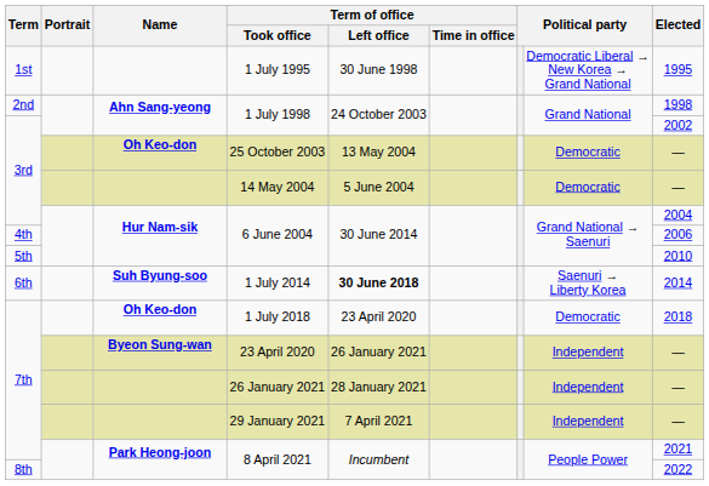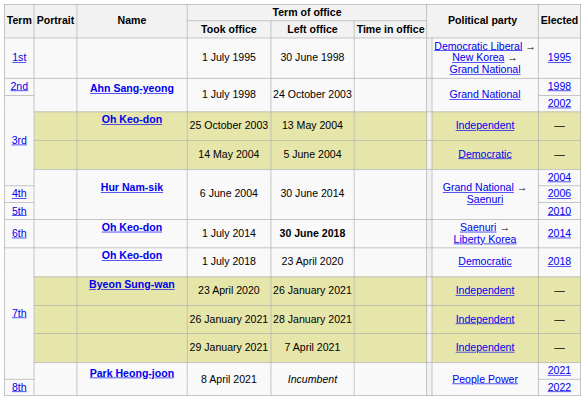 <table class="wikitable" style="text-align:center">
 <tr>
 <th rowspan="2">Term</th>
 <th rowspan="2">Portrait</th>
 <th rowspan="2" width="160">Name<br></th>
 <th colspan="3">Term of office</th>
 <th colspan="2" rowspan="2">Political party</th>
 <th rowspan="2">Elected</th>
 </tr>
 <tr>
 <th>Took office</th>
 <th>Left office</th>
 <th>Time in office</th>
 </tr>
 <tr>
 <td><a href='#'>1st</a></td>
 <td></td>
 <td><strong></strong><br><br></td>
 <td>1 July 1995</td>
 <td>30 June 1998</td>
 <td></td>
 <th style="background:"></th>
 <td><a href='#'>Democratic Liberal</a> →<br><a href='#'>New Korea</a> →<br><a href='#'>Grand National</a></td>
 <td><a href='#'>1995</a></td>
 </tr>
 <tr>
 <td><a href='#'>2nd</a></td>
 <td rowspan="2"></td>
 <td rowspan="2"><strong><a href='#'>Ahn Sang-yeong</a></strong><br><br></td>
 <td rowspan="2">1 July 1998</td>
 <td rowspan="2">24 October 2003</td>
 <td rowspan="2"></td>
 <th rowspan="2" style="background:"></th>
 <td rowspan="2"><a href='#'>Grand National</a></td>
 <td><a href='#'>1998</a></td>
 </tr>
 <tr>
 <td rowspan="4"><a href='#'>3rd</a></td>
 <td><a href='#'>2002</a></td>
 </tr>
 <tr style="background:#E6E6AA;">
 <td></td>
 <td><strong><a href='#'>Oh Keo-don</a></strong><br><br></td>
 <td>25 October 2003</td>
 <td>13 May 2004</td>
 <td></td>
 <th style="background:"></th>
-<td><a href='#'>Democratic</a></td>
+<td><a href='#'>Independent</a></td>
 <td>—</td>
 </tr>
 <tr style="background:#E6E6AA;">
 <td></td>
 <td><strong></strong><br><br></td>
 <td>14 May 2004</td>
 <td>5 June 2004</td>
 <td></td>
 <th style="background:"></th>
 <td><a href='#'>Democratic</a></td>
 <td>—</td>
 </tr>
 <tr>
 <td rowspan="3"></td>
 <td rowspan="3"><strong><a href='#'>Hur Nam-sik</a></strong><br><br></td>
 <td rowspan="3">6 June 2004</td>
 <td rowspan="3">30 June 2014</td>
 <td rowspan="3"></td>
 <th rowspan="3" style="background:"></th>
 <td rowspan="3"><a href='#'>Grand National</a> →<br><a href='#'>Saenuri</a></td>
 <td><a href='#'>2004 </a></td>
 </tr>
 <tr>
 <td><a href='#'>4th</a></td>
 <td><a href='#'>2006</a></td>
 </tr>
 <tr>
 <td><a href='#'>5th</a></td>
 <td><a href='#'>2010</a></td>
 </tr>
 <tr>
 <td><a href='#'>6th</a></td>
 <td></td>
-<td><strong><a href='#'>Suh Byung-soo</a></strong><br><br></td>
+<td><strong><a href='#'>Oh Keo-don</a></strong><br><br></td>
 <td>1 July 2014</td>
 <td><strong>30 June 2018</strong></td>
 <td></td>
 <th style="background:"></th>
 <td><a href='#'>Saenuri</a> →<br><a href='#'>Liberty Korea</a></td>
 <td><a href='#'>2014</a></td>
 </tr>
 <tr>
 <td rowspan="5"><a href='#'>7th</a></td>
 <td></td>
 <td><strong><a href='#'>Oh Keo-don</a></strong><br><br></td>
 <td>1 July 2018</td>
 <td>23 April 2020</td>
 <td></td>
 <th style="background:"></th>
 <td><a href='#'>Democratic</a></td>
 <td><a href='#'>2018</a></td>
 </tr>
 <tr style="background:#E6E6AA;">
 <td></td>
 <td><strong><a href='#'>Byeon Sung-wan</a></strong><br><br></td>
 <td>23 April 2020</td>
 <td>26 January 2021</td>
 <td></td>
 <th style="background:"></th>
 <td><a href='#'>Independent</a></td>
 <td>—</td>
 </tr>
 <tr style="background:#E6E6AA;">
 <td></td>
 <td><strong></strong><br><br></td>
 <td>26 January 2021</td>
 <td>28 January 2021</td>
 <td></td>
 <th style="background:"></th>
 <td><a href='#'>Independent</a></td>
 <td>—</td>
 </tr>
 <tr style="background:#E6E6AA;">
 <td></td>
 <td><strong></strong><br><br></td>
 <td>29 January 2021</td>
 <td>7 April 2021</td>
 <td></td>
 <th style="background:"></th>
 <td><a href='#'>Independent</a></td>
 <td>—</td>
 </tr>
 <tr>
 <td rowspan="2"></td>
 <td rowspan="2"><strong><a href='#'>Park Heong-joon</a></strong><br><br></td>
 <td rowspan="2">8 April 2021</td>
 <td rowspan="2"><em>Incumbent</em></td>
 <td rowspan="2"></td>
 <th rowspan="2" style="background:"></th>
 <td rowspan="2"><a href='#'>People Power</a></td>
 <td><a href='#'>2021 </a></td>
 </tr>
 <tr>
 <td><a href='#'>8th</a></td>
 <td><a href='#'>2022</a></td>
 </tr>
 </table>
